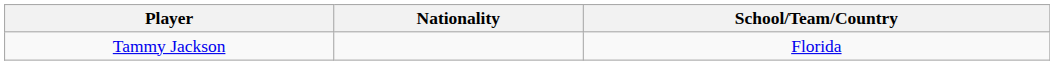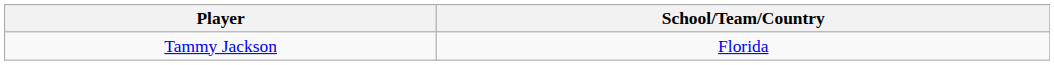 <table class="wikitable" style="text-align:center; width:60em">
 <tr>
 <th>Player</th>
-<th>Nationality</th>
 <th>School/Team/Country</th>
 </tr>
 <tr>
 <td><a href='#'>Tammy Jackson</a></td>
-<td></td>
 <td><a href='#'>Florida</a></td>
 </tr>
 </table>
